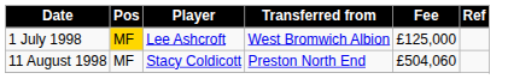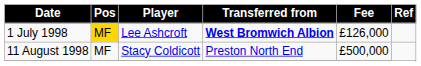 <table class="wikitable plainrowheaders sortable">
 <tr>
 <th style="background:#000000; color:#FFFFFF; ">Date</th>
 <th style="background:#000000; color:#FFFFff; ">Pos</th>
 <th style="background:#000000; color:#FFFFff; ">Player</th>
 <th style="background:#000000; color:#FFFFff; ">Transferred from</th>
 <th style="background:#000000; color:#FFFFff; ">Fee</th>
 <th style="background:#000000; color:#FFFFff; ">Ref</th>
 </tr>
 <tr>
 <td>1 July 1998</td>
 <td style="background: gold;">MF</td>
 <td> <a href='#'>Lee Ashcroft</a></td>
-<td> <a href='#'>West Bromwich Albion</a></td>
-<td>£125,000</td>
+<td><strong> <a href='#'>West Bromwich Albion</a></strong></td>
+<td>£126,000</td>
 <td></td>
 </tr>
 <tr>
 <td>11 August 1998</td>
 <td>MF</td>
 <td> <a href='#'>Stacy Coldicott</a></td>
 <td> <a href='#'>Preston North End</a></td>
-<td>£504,060</td>
+<td>£500,000</td>
 </tr>
 <tr>
 </tr>
 </table>
